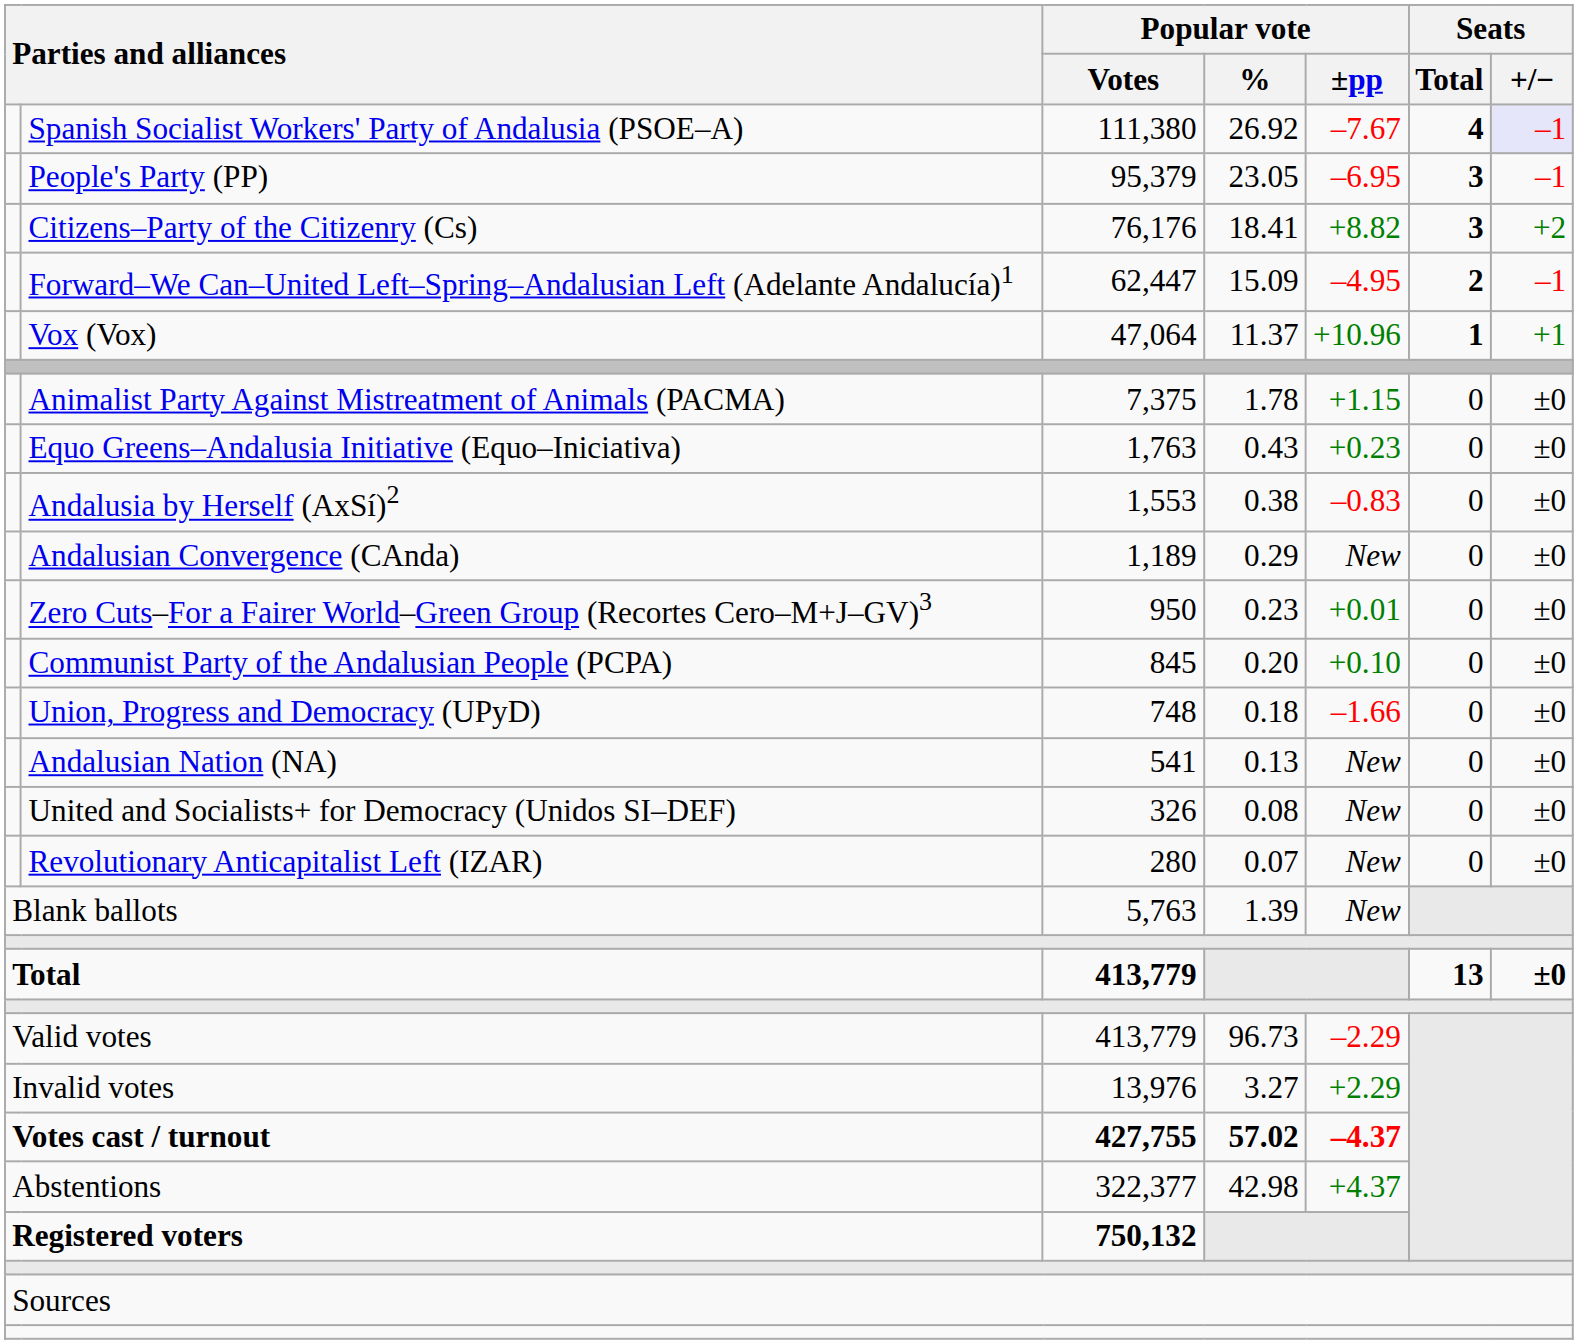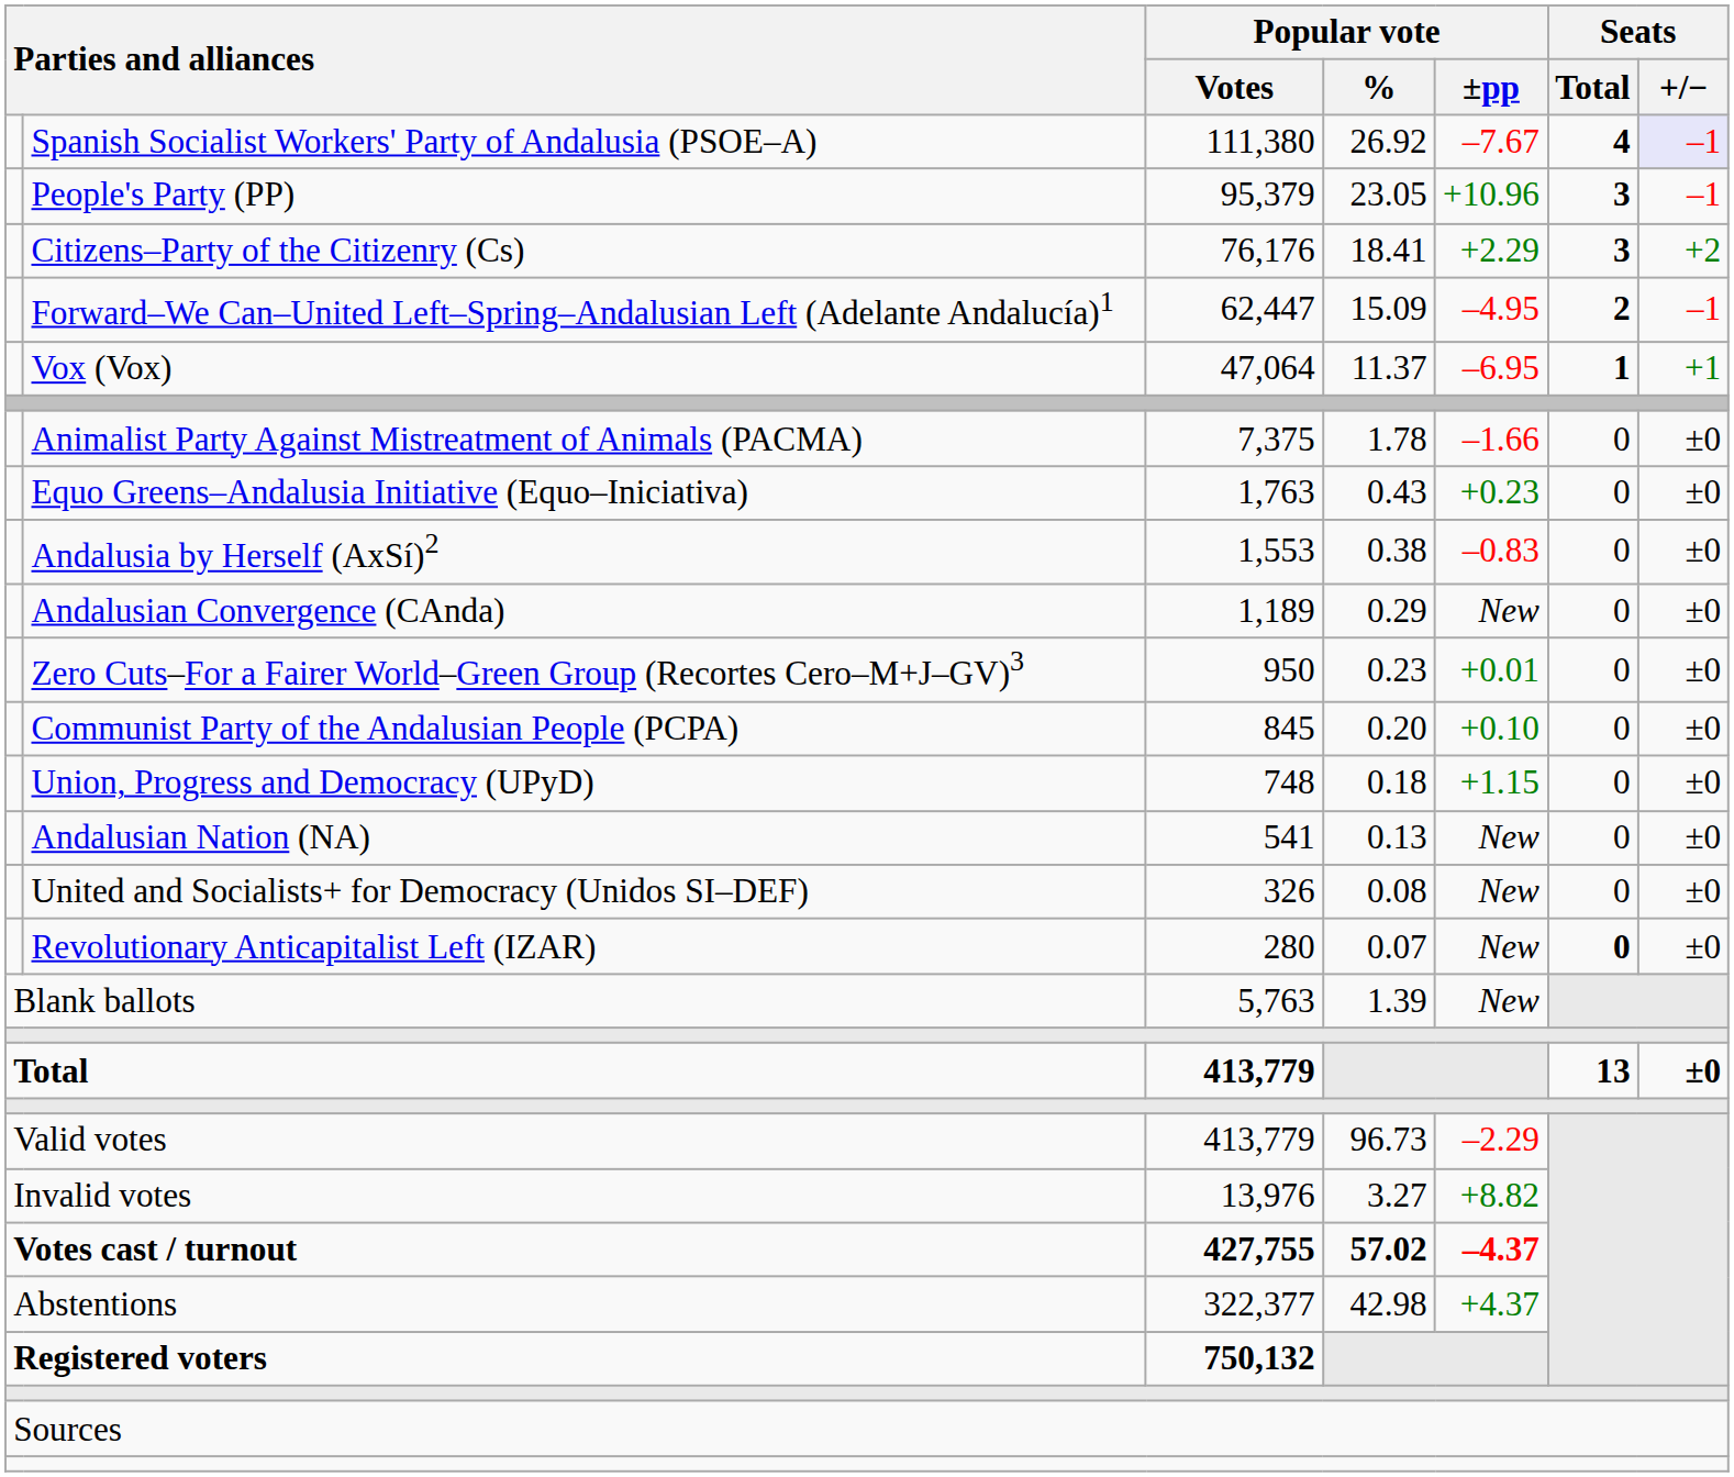 <table class="wikitable" style="text-align:right;">
 <tr>
 <th style="text-align:left;" rowspan="2" colspan="2" width="525">Parties and alliances</th>
 <th colspan="3">Popular vote</th>
 <th colspan="2">Seats</th>
 </tr>
 <tr>
 <th width="75">Votes</th>
 <th width="45">%</th>
 <th width="45">±<a href='#'>pp</a></th>
 <th width="35">Total</th>
 <th width="35">+/−</th>
 </tr>
 <tr>
 <td width="1" style="color:inherit;background:"></td>
 <td align="left"><a href='#'>Spanish Socialist Workers' Party of Andalusia</a> (PSOE–A)</td>
 <td>111,380</td>
 <td>26.92</td>
 <td style="color:red;">–7.67</td>
 <td><strong>4</strong></td>
 <td style="background: lavender; color:red;">–1</td>
 </tr>
 <tr>
 <td style="color:inherit;background:"></td>
 <td align="left"><a href='#'>People's Party</a> (PP)</td>
 <td>95,379</td>
 <td>23.05</td>
-<td style="color:red;">–6.95</td>
+<td style="color:green;">+10.96</td>
 <td><strong>3</strong></td>
 <td style="color:red;">–1</td>
 </tr>
 <tr>
 <td style="color:inherit;background:"></td>
 <td align="left"><a href='#'>Citizens–Party of the Citizenry</a> (Cs)</td>
 <td>76,176</td>
 <td>18.41</td>
-<td style="color:green;">+8.82</td>
+<td style="color:green;">+2.29</td>
 <td><strong>3</strong></td>
 <td style="color:green;">+2</td>
 </tr>
 <tr>
 <td style="color:inherit;background:"></td>
 <td align="left"><a href='#'>Forward–We Can–United Left–Spring–Andalusian Left</a> (Adelante Andalucía)<sup>1</sup></td>
 <td>62,447</td>
 <td>15.09</td>
 <td style="color:red;">–4.95</td>
 <td><strong>2</strong></td>
 <td style="color:red;">–1</td>
 </tr>
 <tr>
 <td style="color:inherit;background:"></td>
 <td align="left"><a href='#'>Vox</a> (Vox)</td>
 <td>47,064</td>
 <td>11.37</td>
-<td style="color:green;">+10.96</td>
+<td style="color:red;">–6.95</td>
 <td><strong>1</strong></td>
 <td style="color:green;">+1</td>
 </tr>
 <tr>
 <td colspan="7" bgcolor="#C0C0C0"></td>
 </tr>
 <tr>
 <td style="color:inherit;background:"></td>
 <td align="left"><a href='#'>Animalist Party Against Mistreatment of Animals</a> (PACMA)</td>
 <td>7,375</td>
 <td>1.78</td>
-<td style="color:green;">+1.15</td>
+<td style="color:red;">–1.66</td>
 <td>0</td>
 <td>±0</td>
 </tr>
 <tr>
 <td style="color:inherit;background:"></td>
 <td align="left"><a href='#'>Equo Greens–Andalusia Initiative</a> (Equo–Iniciativa)</td>
 <td>1,763</td>
 <td>0.43</td>
 <td style="color:green;">+0.23</td>
 <td>0</td>
 <td>±0</td>
 </tr>
 <tr>
 <td style="color:inherit;background:"></td>
 <td align="left"><a href='#'>Andalusia by Herself</a> (AxSí)<sup>2</sup></td>
 <td>1,553</td>
 <td>0.38</td>
 <td style="color:red;">–0.83</td>
 <td>0</td>
 <td>±0</td>
 </tr>
 <tr>
 <td style="color:inherit;background:"></td>
 <td align="left"><a href='#'>Andalusian Convergence</a> (CAnda)</td>
 <td>1,189</td>
 <td>0.29</td>
 <td><em>New</em></td>
 <td>0</td>
 <td>±0</td>
 </tr>
 <tr>
 <td style="color:inherit;background:"></td>
 <td align="left"><a href='#'>Zero Cuts</a>–<a href='#'>For a Fairer World</a>–<a href='#'>Green Group</a> (Recortes Cero–M+J–GV)<sup>3</sup></td>
 <td>950</td>
 <td>0.23</td>
 <td style="color:green;">+0.01</td>
 <td>0</td>
 <td>±0</td>
 </tr>
 <tr>
 <td style="color:inherit;background:"></td>
 <td align="left"><a href='#'>Communist Party of the Andalusian People</a> (PCPA)</td>
 <td>845</td>
 <td>0.20</td>
 <td style="color:green;">+0.10</td>
 <td>0</td>
 <td>±0</td>
 </tr>
 <tr>
 <td style="color:inherit;background:"></td>
 <td align="left"><a href='#'>Union, Progress and Democracy</a> (UPyD)</td>
 <td>748</td>
 <td>0.18</td>
-<td style="color:red;">–1.66</td>
+<td style="color:green;">+1.15</td>
 <td>0</td>
 <td>±0</td>
 </tr>
 <tr>
 <td style="color:inherit;background:"></td>
 <td align="left"><a href='#'>Andalusian Nation</a> (NA)</td>
 <td>541</td>
 <td>0.13</td>
 <td><em>New</em></td>
 <td>0</td>
 <td>±0</td>
 </tr>
 <tr>
 <td style="color:inherit;background:"></td>
 <td align="left">United and Socialists+ for Democracy (Unidos SI–DEF)</td>
 <td>326</td>
 <td>0.08</td>
 <td><em>New</em></td>
 <td>0</td>
 <td>±0</td>
 </tr>
 <tr>
 <td style="color:inherit;background:"></td>
 <td align="left"><a href='#'>Revolutionary Anticapitalist Left</a> (IZAR)</td>
 <td>280</td>
 <td>0.07</td>
 <td><em>New</em></td>
-<td>0</td>
+<td><strong>0</strong></td>
 <td>±0</td>
 </tr>
 <tr>
 <td align="left" colspan="2">Blank ballots</td>
 <td>5,763</td>
 <td>1.39</td>
 <td><em>New</em></td>
 <td bgcolor="#E9E9E9" colspan="2"></td>
 </tr>
 <tr>
 <td colspan="7" bgcolor="#E9E9E9"></td>
 </tr>
 <tr style="font-weight:bold;">
 <td align="left" colspan="2">Total</td>
 <td>413,779</td>
 <td bgcolor="#E9E9E9" colspan="2"></td>
 <td>13</td>
 <td>±0</td>
 </tr>
 <tr>
 <td colspan="7" bgcolor="#E9E9E9"></td>
 </tr>
 <tr>
 <td align="left" colspan="2">Valid votes</td>
 <td>413,779</td>
 <td>96.73</td>
 <td style="color:red;">–2.29</td>
 <td bgcolor="#E9E9E9" colspan="2" rowspan="5"></td>
 </tr>
 <tr>
 <td align="left" colspan="2">Invalid votes</td>
 <td>13,976</td>
 <td>3.27</td>
-<td style="color:green;">+2.29</td>
+<td style="color:green;">+8.82</td>
 </tr>
 <tr style="font-weight:bold;">
 <td align="left" colspan="2">Votes cast / turnout</td>
 <td>427,755</td>
 <td>57.02</td>
 <td style="color:red;">–4.37</td>
 </tr>
 <tr>
 <td align="left" colspan="2">Abstentions</td>
 <td>322,377</td>
 <td>42.98</td>
 <td style="color:green;">+4.37</td>
 </tr>
 <tr style="font-weight:bold;">
 <td align="left" colspan="2">Registered voters</td>
 <td>750,132</td>
 <td bgcolor="#E9E9E9" colspan="2"></td>
 </tr>
 <tr>
 <td colspan="7" bgcolor="#E9E9E9"></td>
 </tr>
 <tr>
 <td align="left" colspan="7">Sources</td>
 </tr>
 <tr>
 <td colspan="7" style="text-align:left; max-width:790px;"></td>
 </tr>
 </table>
